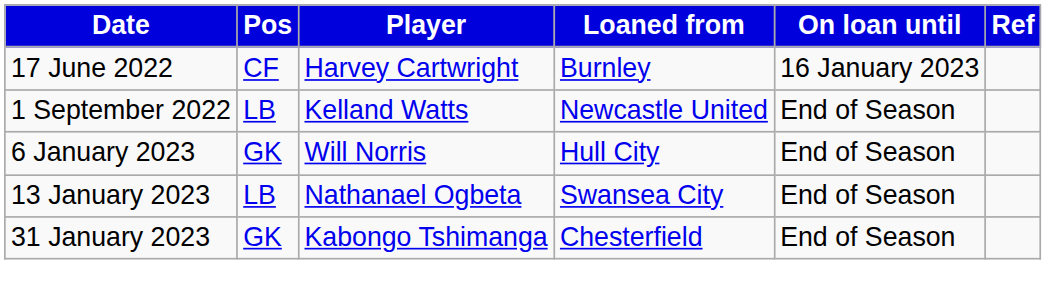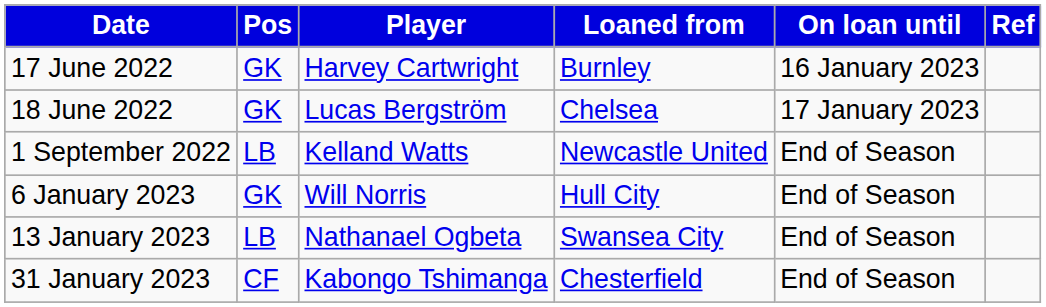 <table class="wikitable plainrowheaders sortable">
 <tr>
 <th style="background:#0000DD; color:#FFFFFF; ">Date</th>
 <th style="background:#0000DD; color:#FFFFFF; ">Pos</th>
 <th style="background:#0000DD; color:#FFFFFF; ">Player</th>
 <th style="background:#0000DD; color:#FFFFFF; ">Loaned from</th>
 <th style="background:#0000DD; color:#FFFFFF; ">On loan until</th>
 <th style="background:#0000DD; color:#FFFFFF; ">Ref</th>
 </tr>
 <tr>
 <td>17 June 2022</td>
-<td><a href='#'>CF</a></td>
+<td><a href='#'>GK</a></td>
 <td> <a href='#'>Harvey Cartwright</a></td>
 <td> <a href='#'>Burnley</a></td>
 <td>16 January 2023</td>
+<td></td>
+</tr>
+<tr>
+<td>18 June 2022</td>
+<td><a href='#'>GK</a></td>
+<td> <a href='#'>Lucas Bergström</a></td>
+<td> <a href='#'>Chelsea</a></td>
+<td>17 January 2023</td>
 <td></td>
 </tr>
 <tr>
 <td>1 September 2022</td>
 <td><a href='#'>LB</a></td>
 <td> <a href='#'>Kelland Watts</a></td>
 <td> <a href='#'>Newcastle United</a></td>
 <td>End of Season</td>
 <td></td>
 </tr>
 <tr>
 <td>6 January 2023</td>
 <td><a href='#'>GK</a></td>
 <td> <a href='#'>Will Norris</a></td>
 <td> <a href='#'>Hull City</a></td>
 <td>End of Season</td>
 <td></td>
 </tr>
 <tr>
 <td>13 January 2023</td>
 <td><a href='#'>LB</a></td>
 <td> <a href='#'>Nathanael Ogbeta</a></td>
 <td> <a href='#'>Swansea City</a></td>
 <td>End of Season</td>
 <td></td>
 </tr>
 <tr>
 <td>31 January 2023</td>
-<td><a href='#'>GK</a></td>
+<td><a href='#'>CF</a></td>
 <td> <a href='#'>Kabongo Tshimanga</a></td>
 <td> <a href='#'>Chesterfield</a></td>
 <td>End of Season</td>
 <td></td>
 </tr>
 </table>
